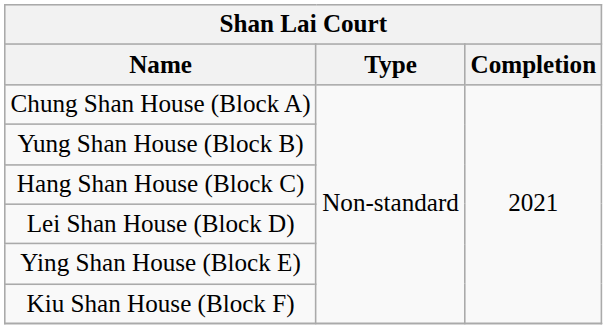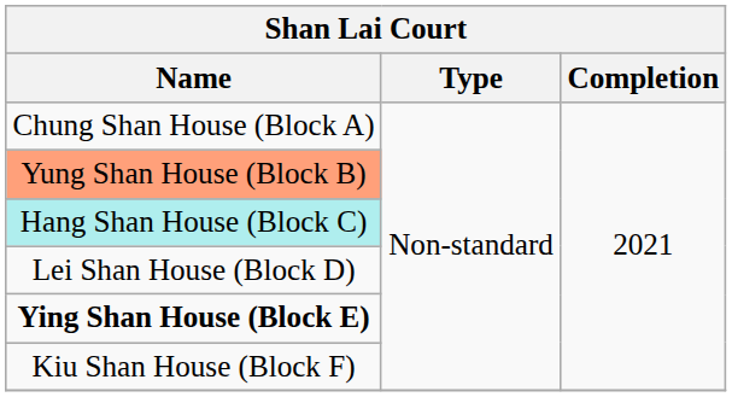 <table class="wikitable" style="text-align: center">
 <tr>
 <th colspan="3">Shan Lai Court</th>
 </tr>
 <tr>
 <th>Name</th>
 <th>Type</th>
 <th>Completion</th>
 </tr>
 <tr>
 <td>Chung Shan House (Block A)</td>
 <td rowspan="6">Non-standard</td>
 <td rowspan="6">2021</td>
 </tr>
 <tr>
-<td>Yung Shan House (Block B)</td>
+<td style="background: lightsalmon;">Yung Shan House (Block B)</td>
 </tr>
 <tr>
-<td>Hang Shan House (Block C)</td>
+<td style="background: paleturquoise;">Hang Shan House (Block C)</td>
 </tr>
 <tr>
 <td>Lei Shan House (Block D)</td>
 </tr>
 <tr>
-<td>Ying Shan House (Block E)</td>
+<td><strong>Ying Shan House (Block E)</strong></td>
 </tr>
 <tr>
 <td>Kiu Shan House (Block F)</td>
 </tr>
 <tr>
 </tr>
 </table>
